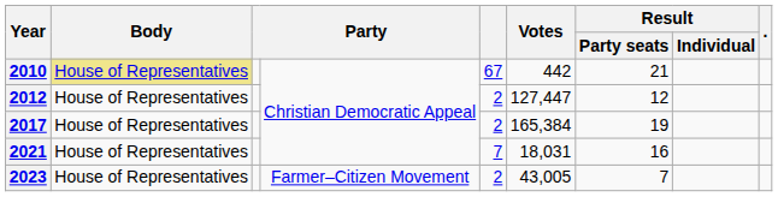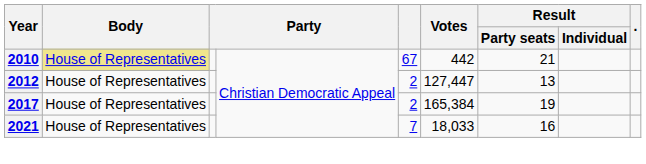 <table class="wikitable plainrowheaders sortable" border=2 cellpadding=4 cellspacing=0 style="border: 1px #aaa solid; font-size: 90%; text-align:center;">
 <tr>
 <th scope="col" rowspan=2>Year</th>
 <th scope="col" rowspan=2>Body</th>
 <th scope="col" colspan=2 rowspan=2>Party</th>
 <th scope="col" rowspan=2></th>
 <th scope="col" rowspan=2>Votes</th>
 <th scope="colgroup" colspan=2>Result</th>
 <th scope="col" rowspan=2 class="unsortable">.</th>
 </tr>
 <tr>
 <th scope="col">Party seats</th>
 <th scope="col">Individual</th>
 </tr>
 <tr>
 <th scope="row"><a href='#'>2010</a></th>
 <td style="background: khaki;"><a href='#'>House of Representatives</a></td>
 <td style="background-color:"></td>
 <td rowspan="4"><a href='#'>Christian Democratic Appeal</a></td>
 <td style=text-align:right><a href='#'>67</a></td>
 <td style=text-align:right>442</td>
 <td style=text-align:right>21</td>
 <td></td>
 <td></td>
 </tr>
 <tr>
 <th scope="row"><a href='#'>2012</a></th>
 <td>House of Representatives</td>
 <td style="background-color:"></td>
 <td style=text-align:right><a href='#'>2</a></td>
 <td style=text-align:right>127,447</td>
-<td style=text-align:right>12</td>
+<td style=text-align:right>13</td>
 <td></td>
 <td></td>
 </tr>
 <tr>
 <th scope="row"><a href='#'>2017</a></th>
 <td>House of Representatives</td>
 <td style="background-color:"></td>
 <td style=text-align:right><a href='#'>2</a></td>
 <td style=text-align:right>165,384</td>
 <td style=text-align:right>19</td>
 <td></td>
 <td></td>
 </tr>
 <tr>
 <th scope="row"><a href='#'>2021</a></th>
 <td>House of Representatives</td>
 <td style="background-color:"></td>
 <td style=text-align:right><a href='#'>7</a></td>
-<td style=text-align:right>18,031</td>
+<td style=text-align:right>18,033</td>
 <td style=text-align:right>16</td>
 <td></td>
 <td></td>
 </tr>
-<tr>
-<th scope="row"><a href='#'>2023</a></th>
-<td>House of Representatives</td>
-<td style="background-color:"></td>
-<td><a href='#'>Farmer–Citizen Movement</a></td>
-<td style=text-align:right><a href='#'>2</a></td>
-<td style=text-align:right>43,005</td>
-<td style=text-align:right>7</td>
-<td></td>
-<td></td>
-</tr>
 </table>
